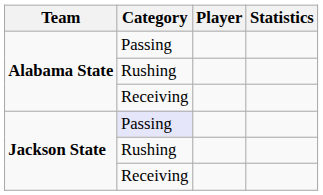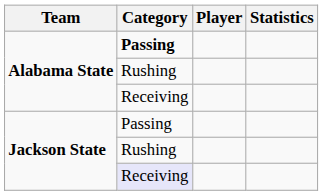 <table class="wikitable" style="float: left;">
 <tr>
 <th>Team</th>
 <th>Category</th>
 <th>Player</th>
 <th>Statistics</th>
 </tr>
 <tr>
 <td rowspan=3><strong>Alabama State</strong></td>
-<td>Passing</td>
+<td><strong>Passing</strong></td>
 <td> </td>
 <td> </td>
 </tr>
 <tr>
 <td>Rushing</td>
 <td> </td>
 <td> </td>
 </tr>
 <tr>
 <td>Receiving</td>
 <td> </td>
 <td> </td>
 </tr>
 <tr>
 <td rowspan=3><strong>Jackson State</strong></td>
-<td style="background: lavender;">Passing</td>
+<td>Passing</td>
 <td> </td>
 <td> </td>
 </tr>
 <tr>
 <td>Rushing</td>
 <td> </td>
 <td> </td>
 </tr>
 <tr>
-<td>Receiving</td>
+<td style="background: lavender;">Receiving</td>
 <td> </td>
 <td> </td>
 </tr>
 </table>
